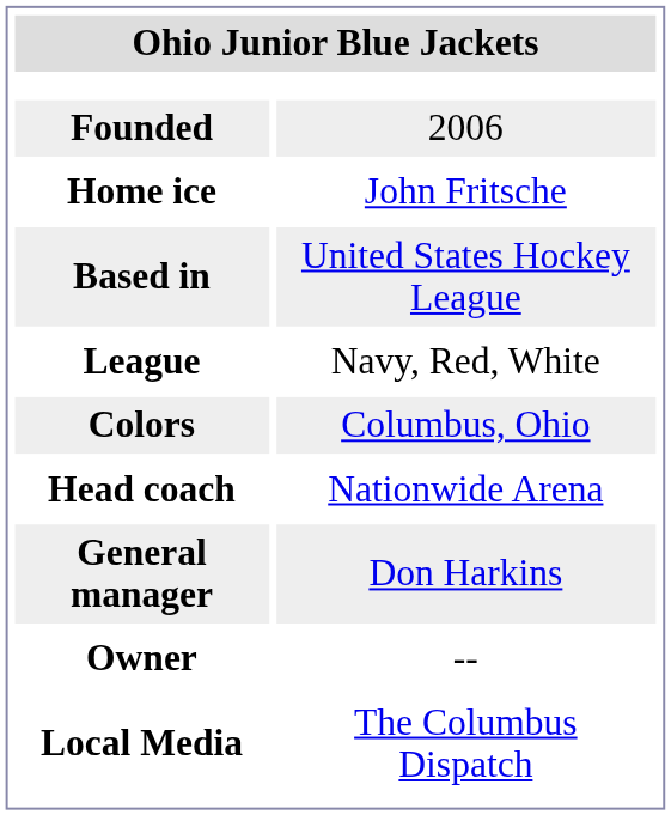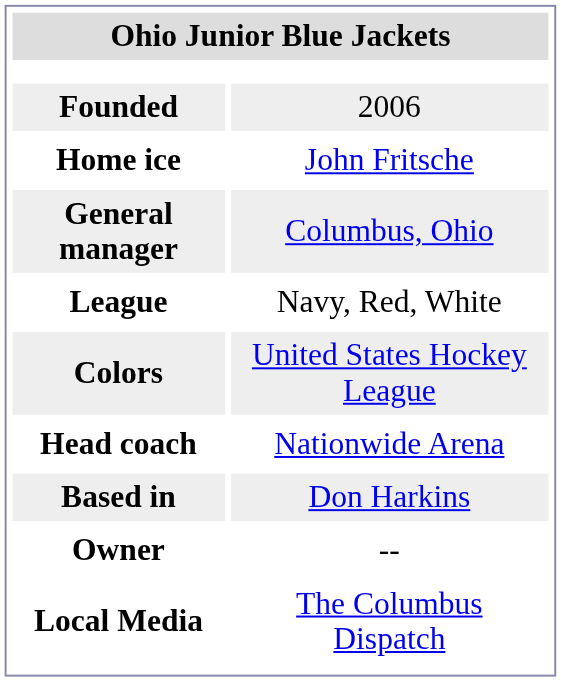 <table style="margin:5px; border:1px solid #8888AA;" align=right cellpadding=3 cellspacing=3 width=280>
 <tr align="center" bgcolor="#dddddd">
 <td colspan=2><strong>Ohio Junior Blue Jackets</strong></td>
 </tr>
 <tr align="center">
 <td colspan=2></td>
 </tr>
 <tr align="center" bgcolor="#eeeeee">
 <td><strong>Founded</strong></td>
 <td>2006</td>
 </tr>
 <tr align="center">
 <td><strong>Home ice</strong></td>
 <td><a href='#'>John Fritsche</a></td>
 </tr>
 <tr align="center" bgcolor="#eeeeee">
-<td><strong>Based in</strong></td>
-<td><a href='#'>United States Hockey League</a></td>
+<td><strong>General manager</strong></td>
+<td><a href='#'>Columbus, Ohio</a></td>
 </tr>
 <tr align="center">
 <td><strong>League</strong></td>
 <td>Navy, Red, White</td>
 </tr>
 <tr align="center" bgcolor="#eeeeee">
 <td><strong>Colors</strong></td>
-<td><a href='#'>Columbus, Ohio</a></td>
+<td><a href='#'>United States Hockey League</a></td>
 </tr>
 <tr align="center">
 <td><strong>Head coach</strong></td>
 <td><a href='#'>Nationwide Arena</a></td>
 </tr>
 <tr align="center" bgcolor="#eeeeee">
-<td><strong>General manager</strong></td>
+<td><strong>Based in</strong></td>
 <td><a href='#'>Don Harkins</a></td>
 </tr>
 <tr align="center">
 <td><strong>Owner</strong></td>
 <td>--</td>
 </tr>
 <tr align="center">
 <td><strong>Local Media</strong></td>
 <td><a href='#'>The Columbus Dispatch</a></td>
 </tr>
 <tr align="center">
 </tr>
 </table>
